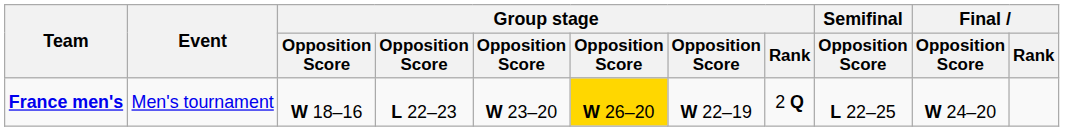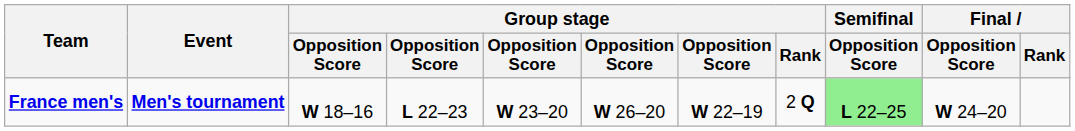 <table class="wikitable" style="font-size:90%">
 <tr>
 <th rowspan=2>Team</th>
 <th rowspan=2>Event</th>
 <th colspan=6>Group stage</th>
 <th>Semifinal</th>
 <th colspan=2>Final / </th>
 </tr>
 <tr style="font-size:95%">
 <th>Opposition<br>Score</th>
 <th>Opposition<br>Score</th>
 <th>Opposition<br>Score</th>
 <th>Opposition<br>Score</th>
 <th>Opposition<br>Score</th>
 <th>Rank</th>
 <th>Opposition<br>Score</th>
 <th>Opposition<br>Score</th>
 <th>Rank</th>
 </tr>
 <tr align=center>
 <td align=left><strong><a href='#'>France men's</a></strong></td>
-<td align=left><a href='#'>Men's tournament</a></td>
+<td align=left><strong><a href='#'>Men's tournament</a></strong></td>
 <td><br><strong>W</strong> 18–16</td>
 <td><br><strong>L</strong> 22–23</td>
 <td><br><strong>W</strong> 23–20</td>
-<td style="background: gold;"><br><strong>W</strong> 26–20</td>
+<td><br><strong>W</strong> 26–20</td>
 <td><br><strong>W</strong> 22–19</td>
 <td>2 <strong>Q</strong></td>
-<td><br><strong>L</strong> 22–25</td>
+<td style="background: lightgreen;"><br><strong>L</strong> 22–25</td>
 <td><br><strong>W</strong> 24–20</td>
 <td></td>
 </tr>
 </table>
